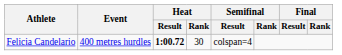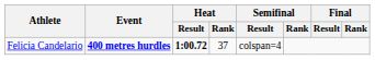 <table class=wikitable style=font-size:90%>
 <tr>
 <th rowspan=2>Athlete</th>
 <th rowspan=2>Event</th>
 <th colspan=2>Heat</th>
 <th colspan=2>Semifinal</th>
 <th colspan=2>Final</th>
 </tr>
 <tr style=font-size:95%>
 <th>Result</th>
 <th>Rank</th>
 <th>Result</th>
 <th>Rank</th>
 <th>Result</th>
 <th>Rank</th>
 </tr>
 <tr align=center>
 <td align=left><a href='#'>Felicia Candelario</a></td>
-<td align=left><a href='#'>400 metres hurdles</a></td>
+<td align=left><strong><a href='#'>400 metres hurdles</a></strong></td>
 <td><strong>1:00.72</strong></td>
-<td>30</td>
+<td>37</td>
 <td>colspan=4 </td>
 </tr>
 </table>
